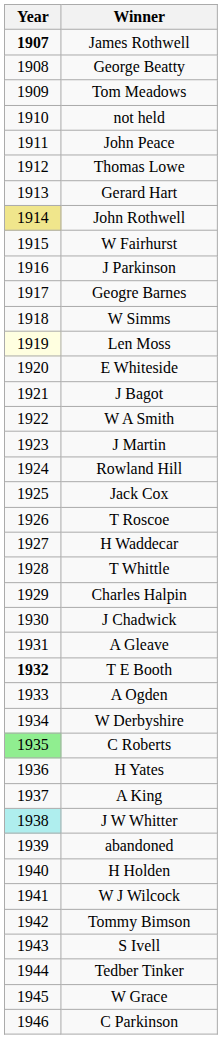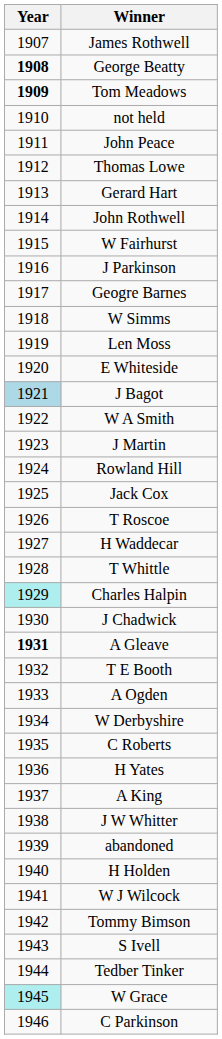 <table class="wikitable" style="text-align:center">
 <tr>
 <th width=50>Year</th>
 <th width=150>Winner</th>
 </tr>
 <tr>
-<td><strong>1907</strong></td>
+<td>1907</td>
 <td>James Rothwell</td>
 </tr>
 <tr>
-<td>1908</td>
+<td><strong>1908</strong></td>
 <td>George Beatty</td>
 </tr>
 <tr>
-<td>1909</td>
+<td><strong>1909</strong></td>
 <td>Tom Meadows</td>
 </tr>
 <tr>
 <td>1910</td>
 <td>not held</td>
 </tr>
 <tr>
 <td>1911</td>
 <td>John Peace</td>
 </tr>
 <tr>
 <td>1912</td>
 <td>Thomas Lowe</td>
 </tr>
 <tr>
 <td>1913</td>
 <td>Gerard Hart</td>
 </tr>
 <tr>
-<td style="background: khaki;">1914</td>
+<td>1914</td>
 <td>John Rothwell</td>
 </tr>
 <tr>
 <td>1915</td>
 <td>W Fairhurst</td>
 </tr>
 <tr>
 <td>1916</td>
 <td>J Parkinson</td>
 </tr>
 <tr>
 <td>1917</td>
 <td>Geogre Barnes</td>
 </tr>
 <tr>
 <td>1918</td>
 <td>W Simms</td>
 </tr>
 <tr>
-<td style="background: lightyellow;">1919</td>
+<td>1919</td>
 <td>Len Moss</td>
 </tr>
 <tr>
 <td>1920</td>
 <td>E Whiteside</td>
 </tr>
 <tr>
-<td>1921</td>
+<td style="background: lightblue;">1921</td>
 <td>J Bagot</td>
 </tr>
 <tr>
 <td>1922</td>
 <td>W A Smith</td>
 </tr>
 <tr>
 <td>1923</td>
 <td>J Martin</td>
 </tr>
 <tr>
 <td>1924</td>
 <td>Rowland Hill</td>
 </tr>
 <tr>
 <td>1925</td>
 <td>Jack Cox</td>
 </tr>
 <tr>
 <td>1926</td>
 <td>T Roscoe</td>
 </tr>
 <tr>
 <td>1927</td>
 <td>H Waddecar</td>
 </tr>
 <tr>
 <td>1928</td>
 <td>T Whittle</td>
 </tr>
 <tr>
-<td>1929</td>
+<td style="background: paleturquoise;">1929</td>
 <td>Charles Halpin</td>
 </tr>
 <tr>
 <td>1930</td>
 <td>J Chadwick</td>
 </tr>
 <tr>
-<td>1931</td>
+<td><strong>1931</strong></td>
 <td>A Gleave</td>
 </tr>
 <tr>
-<td><strong>1932</strong></td>
+<td>1932</td>
 <td>T E Booth</td>
 </tr>
 <tr>
 <td>1933</td>
 <td>A Ogden</td>
 </tr>
 <tr>
 <td>1934</td>
 <td>W Derbyshire</td>
 </tr>
 <tr>
-<td style="background: lightgreen;">1935</td>
+<td>1935</td>
 <td>C Roberts</td>
 </tr>
 <tr>
 <td>1936</td>
 <td>H Yates</td>
 </tr>
 <tr>
 <td>1937</td>
 <td>A King</td>
 </tr>
 <tr>
-<td style="background: paleturquoise;">1938</td>
+<td>1938</td>
 <td>J W Whitter</td>
 </tr>
 <tr>
 <td>1939</td>
 <td>abandoned</td>
 </tr>
 <tr>
 <td>1940</td>
 <td>H Holden</td>
 </tr>
 <tr>
 <td>1941</td>
 <td>W J Wilcock</td>
 </tr>
 <tr>
 <td>1942</td>
 <td>Tommy Bimson</td>
 </tr>
 <tr>
 <td>1943</td>
 <td>S Ivell</td>
 </tr>
 <tr>
 <td>1944</td>
 <td>Tedber Tinker</td>
 </tr>
 <tr>
-<td>1945</td>
+<td style="background: paleturquoise;">1945</td>
 <td>W Grace</td>
 </tr>
 <tr>
 <td>1946</td>
 <td>C Parkinson</td>
 </tr>
 </table>
